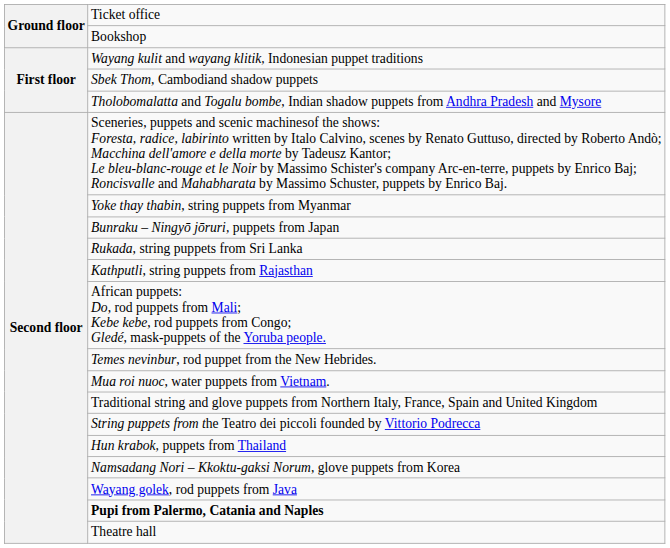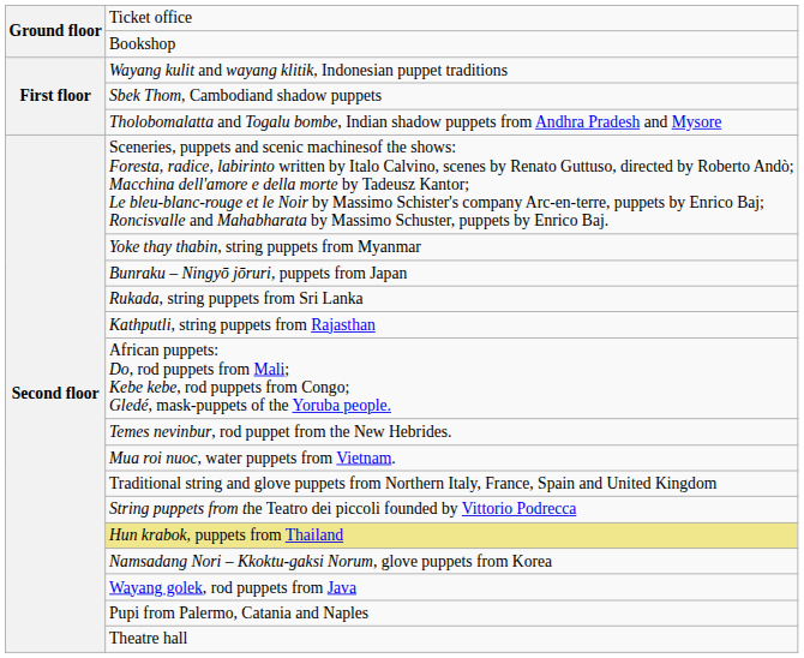 <table class="wikitable">
 <tr>
 <th rowspan="2">Ground floor</th>
 <td>Ticket office</td>
 </tr>
 <tr>
 <td>Bookshop</td>
 </tr>
 <tr>
 <th rowspan="3">First floor</th>
 <td><em>Wayang kulit</em> and <em>wayang klitik,</em> Indonesian puppet traditions</td>
 </tr>
 <tr>
 <td><em>Sbek Thom</em>, Cambodiand shadow puppets</td>
 </tr>
 <tr>
 <td><em>Tholobomalatta</em> and <em>Togalu bombe</em>, Indian shadow puppets from <a href='#'>Andhra Pradesh</a> and <a href='#'>Mysore</a></td>
 </tr>
 <tr>
 <th rowspan="15">Second floor</th>
 <td>Sceneries, puppets and scenic machinesof the shows:<br><em>Foresta, radice, labirinto</em> written by Italo Calvino, scenes by Renato Guttuso, directed by Roberto Andò;<br><em>Macchina dell'amore e della morte</em> by Tadeusz Kantor;<br><em>Le bleu-blanc-rouge et le Noir</em> by Massimo Schister's company Arc-en-terre, puppets by Enrico Baj;<br><em>Roncisvalle</em> and <em>Mahabharata</em> by Massimo Schuster, puppets by Enrico Baj.</td>
 </tr>
 <tr>
 <td><em>Yoke thay thabin</em>, string puppets from Myanmar</td>
 </tr>
 <tr>
 <td><em>Bunraku – Ningyō jōruri,</em> puppets from Japan</td>
 </tr>
 <tr>
 <td><em>Rukada</em>, string puppets from Sri Lanka</td>
 </tr>
 <tr>
 <td><em>Kathputli</em>, string puppets from <a href='#'>Rajasthan</a></td>
 </tr>
 <tr>
 <td>African puppets:<br><em>Do</em>, rod puppets from <a href='#'>Mali</a>;<br><em>Kebe kebe</em>, rod puppets from Congo;<br><em>Gledé</em>, mask-puppets of the <a href='#'>Yoruba people.</a></td>
 </tr>
 <tr>
 <td><em>Temes nevinbur</em>, rod puppet from the New Hebrides.</td>
 </tr>
 <tr>
 <td><em>Mua roi nuoc</em>, water puppets from <a href='#'>Vietnam</a>.</td>
 </tr>
 <tr>
 <td>Traditional string and glove puppets from Northern Italy, France, Spain and United Kingdom</td>
 </tr>
 <tr>
 <td><em>String puppets from t</em>he Teatro dei piccoli founded by <a href='#'>Vittorio Podrecca</a></td>
 </tr>
 <tr>
-<td><em>Hun krabok,</em> puppets from <a href='#'>Thailand</a></td>
+<td style="background: khaki;"><em>Hun krabok,</em> puppets from <a href='#'>Thailand</a></td>
 </tr>
 <tr>
 <td><em>Namsadang Nori – Kkoktu-gaksi Norum</em>, glove puppets from Korea</td>
 </tr>
 <tr>
 <td><a href='#'>Wayang golek</a>, rod puppets from <a href='#'>Java</a></td>
 </tr>
 <tr>
-<td><strong>Pupi from Palermo, Catania and Naples</strong></td>
+<td>Pupi from Palermo, Catania and Naples</td>
 </tr>
 <tr>
 <td>Theatre hall</td>
 </tr>
 </table>
